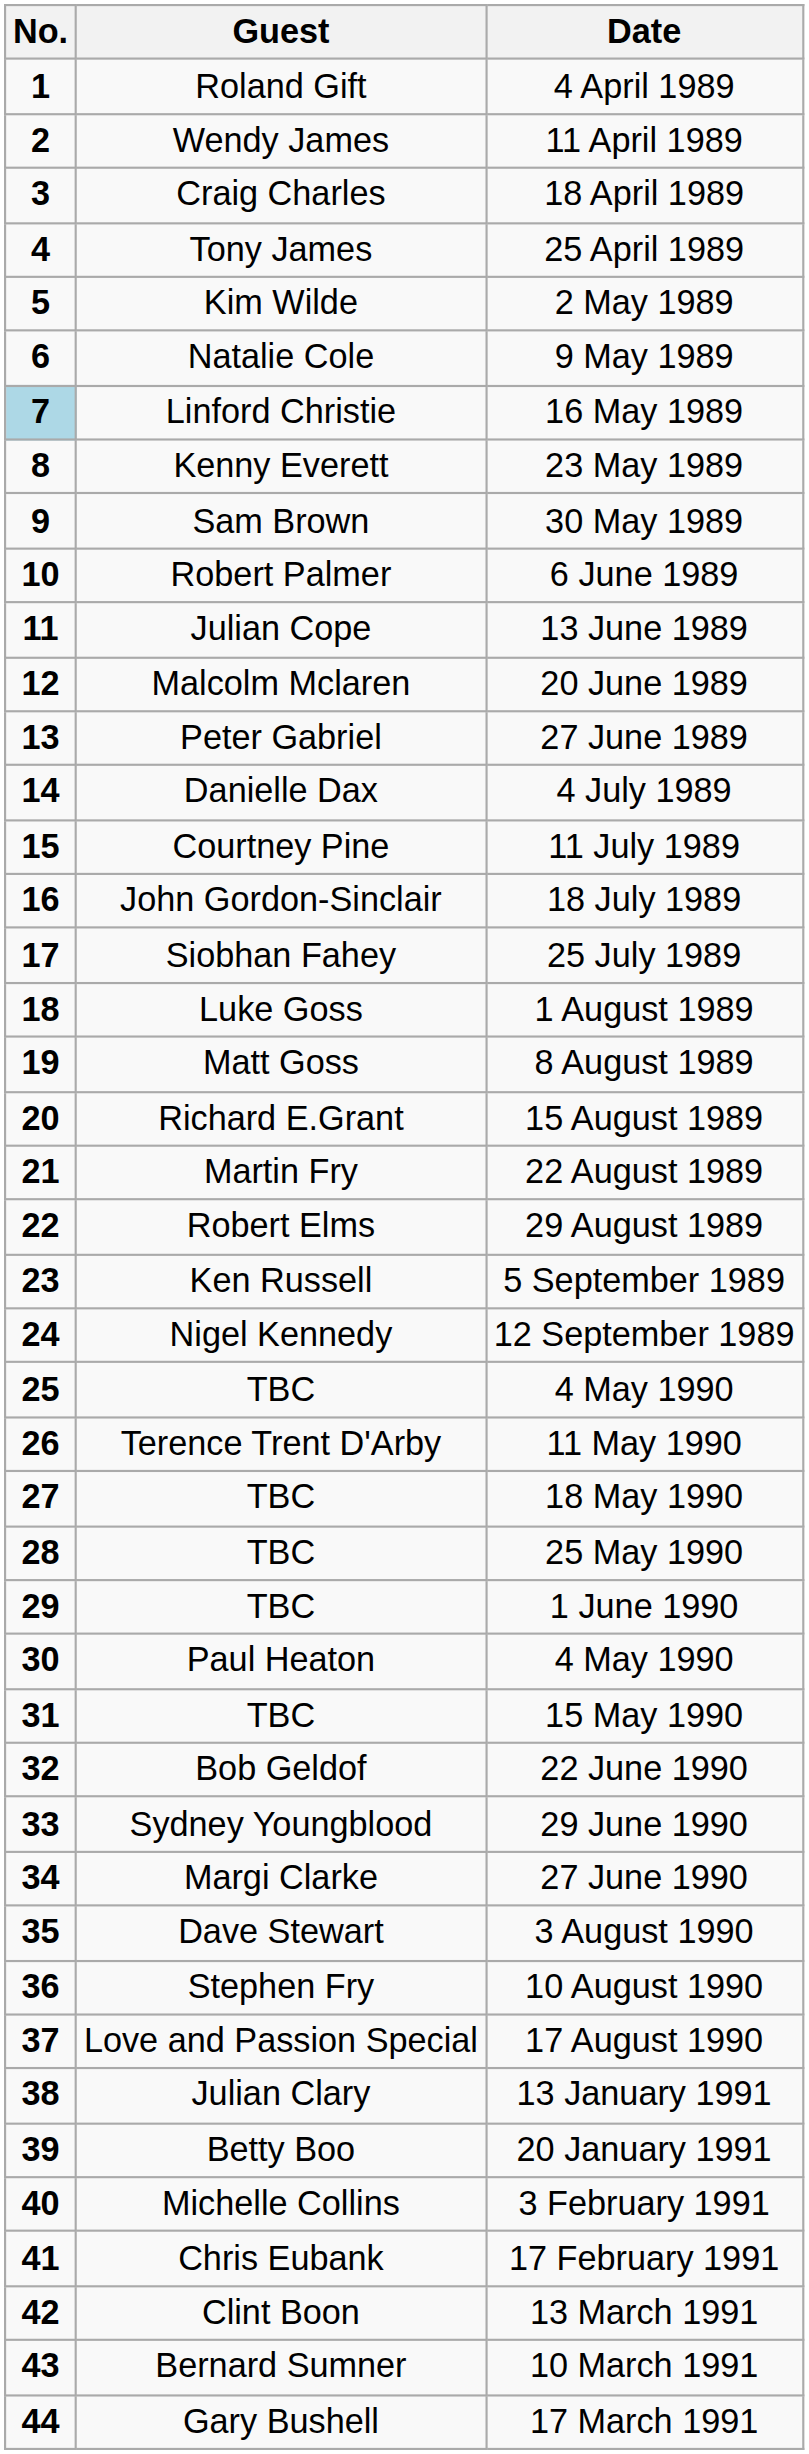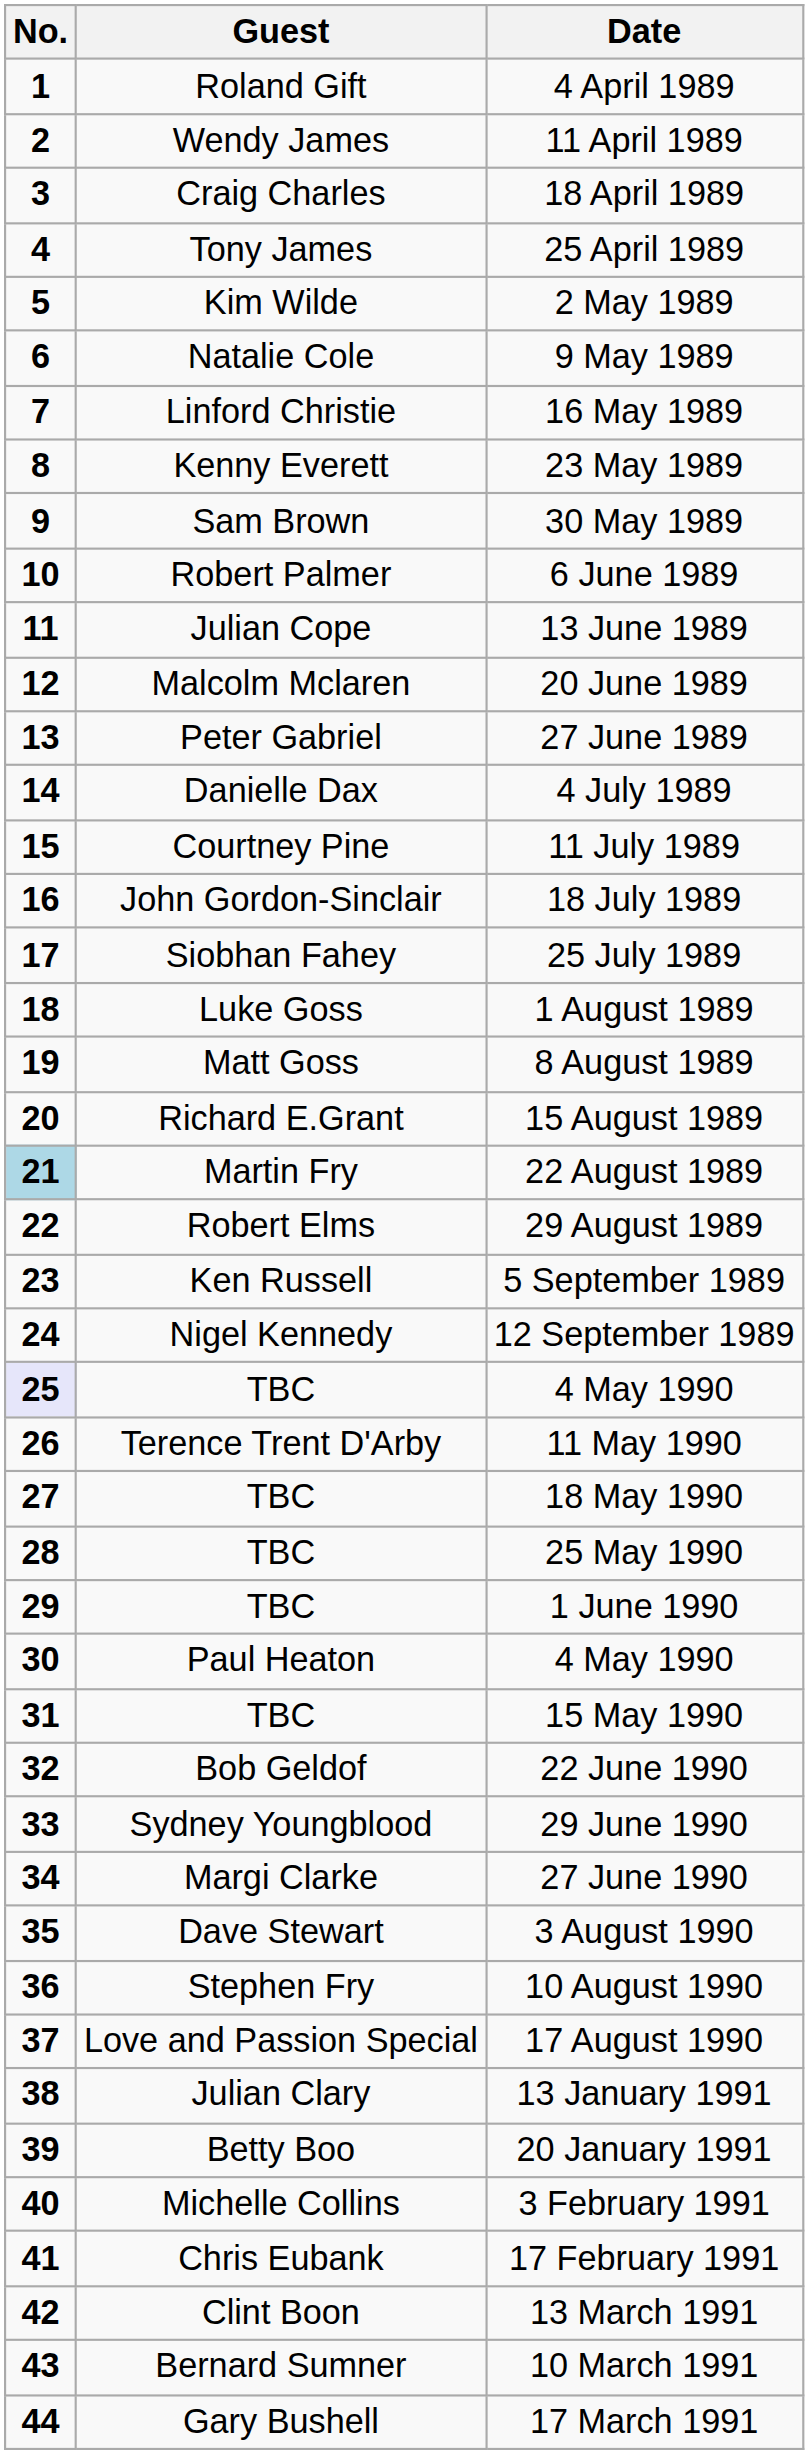 <table class="wikitable" style="text-align:center;">
 <tr>
 <th>No.</th>
 <th>Guest</th>
 <th>Date</th>
 </tr>
 <tr>
 <td><strong>1</strong></td>
 <td>Roland Gift</td>
 <td>4 April 1989</td>
 </tr>
 <tr>
 <td><strong>2</strong></td>
 <td>Wendy James</td>
 <td>11 April 1989</td>
 </tr>
 <tr>
 <td><strong>3</strong></td>
 <td>Craig Charles</td>
 <td>18 April 1989</td>
 </tr>
 <tr>
 <td><strong>4</strong></td>
 <td>Tony James</td>
 <td>25 April 1989</td>
 </tr>
 <tr>
 <td><strong>5</strong></td>
 <td>Kim Wilde</td>
 <td>2 May 1989</td>
 </tr>
 <tr>
 <td><strong>6</strong></td>
 <td>Natalie Cole</td>
 <td>9 May 1989</td>
 </tr>
 <tr>
-<td style="background: lightblue;"><strong>7</strong></td>
+<td><strong>7</strong></td>
 <td>Linford Christie</td>
 <td>16 May 1989</td>
 </tr>
 <tr>
 <td><strong>8</strong></td>
 <td>Kenny Everett</td>
 <td>23 May 1989</td>
 </tr>
 <tr>
 <td><strong>9</strong></td>
 <td>Sam Brown</td>
 <td>30 May 1989</td>
 </tr>
 <tr>
 <td><strong>10</strong></td>
 <td>Robert Palmer</td>
 <td>6 June 1989</td>
 </tr>
 <tr>
 <td><strong>11</strong></td>
 <td>Julian Cope</td>
 <td>13 June 1989</td>
 </tr>
 <tr>
 <td><strong>12</strong></td>
 <td>Malcolm Mclaren</td>
 <td>20 June 1989</td>
 </tr>
 <tr>
 <td><strong>13</strong></td>
 <td>Peter Gabriel</td>
 <td>27 June 1989</td>
 </tr>
 <tr>
 <td><strong>14</strong></td>
 <td>Danielle Dax</td>
 <td>4 July 1989</td>
 </tr>
 <tr>
 <td><strong>15</strong></td>
 <td>Courtney Pine</td>
 <td>11 July 1989</td>
 </tr>
 <tr>
 <td><strong>16</strong></td>
 <td>John Gordon-Sinclair</td>
 <td>18 July 1989</td>
 </tr>
 <tr>
 <td><strong>17</strong></td>
 <td>Siobhan Fahey</td>
 <td>25 July 1989</td>
 </tr>
 <tr>
 <td><strong>18</strong></td>
 <td>Luke Goss</td>
 <td>1 August 1989</td>
 </tr>
 <tr>
 <td><strong>19</strong></td>
 <td>Matt Goss</td>
 <td>8 August 1989</td>
 </tr>
 <tr>
 <td><strong>20</strong></td>
 <td>Richard E.Grant</td>
 <td>15 August 1989</td>
 </tr>
 <tr>
-<td><strong>21</strong></td>
+<td style="background: lightblue;"><strong>21</strong></td>
 <td>Martin Fry</td>
 <td>22 August 1989</td>
 </tr>
 <tr>
 <td><strong>22</strong></td>
 <td>Robert Elms</td>
 <td>29 August 1989</td>
 </tr>
 <tr>
 <td><strong>23</strong></td>
 <td>Ken Russell</td>
 <td>5 September 1989</td>
 </tr>
 <tr>
 <td><strong>24</strong></td>
 <td>Nigel Kennedy</td>
 <td>12 September 1989</td>
 </tr>
 <tr>
-<td><strong>25</strong></td>
+<td style="background: lavender;"><strong>25</strong></td>
 <td>TBC</td>
 <td>4 May 1990</td>
 </tr>
 <tr>
 <td><strong>26</strong></td>
 <td>Terence Trent D'Arby</td>
 <td>11 May 1990</td>
 </tr>
 <tr>
 <td><strong>27</strong></td>
 <td>TBC</td>
 <td>18 May 1990</td>
 </tr>
 <tr>
 <td><strong>28</strong></td>
 <td>TBC</td>
 <td>25 May 1990</td>
 </tr>
 <tr>
 <td><strong>29</strong></td>
 <td>TBC</td>
 <td>1 June 1990</td>
 </tr>
 <tr>
 <td><strong>30</strong></td>
 <td>Paul Heaton</td>
 <td>4 May 1990</td>
 </tr>
 <tr>
 <td><strong>31</strong></td>
 <td>TBC</td>
 <td>15 May 1990</td>
 </tr>
 <tr>
 <td><strong>32</strong></td>
 <td>Bob Geldof</td>
 <td>22 June 1990</td>
 </tr>
 <tr>
 <td><strong>33</strong></td>
 <td>Sydney Youngblood</td>
 <td>29 June 1990</td>
 </tr>
 <tr>
 <td><strong>34</strong></td>
 <td>Margi Clarke</td>
 <td>27 June 1990</td>
 </tr>
 <tr>
 <td><strong>35</strong></td>
 <td>Dave Stewart</td>
 <td>3 August 1990</td>
 </tr>
 <tr>
 <td><strong>36</strong></td>
 <td>Stephen Fry</td>
 <td>10 August 1990</td>
 </tr>
 <tr>
 <td><strong>37</strong></td>
 <td>Love and Passion Special</td>
 <td>17 August 1990</td>
 </tr>
 <tr>
 <td><strong>38</strong></td>
 <td>Julian Clary</td>
 <td>13 January 1991</td>
 </tr>
 <tr>
 <td><strong>39</strong></td>
 <td>Betty Boo</td>
 <td>20 January 1991</td>
 </tr>
 <tr>
 <td><strong>40</strong></td>
 <td>Michelle Collins</td>
 <td>3 February 1991</td>
 </tr>
 <tr>
 <td><strong>41</strong></td>
 <td>Chris Eubank</td>
 <td>17 February 1991</td>
 </tr>
 <tr>
 <td><strong>42</strong></td>
 <td>Clint Boon</td>
 <td>13 March 1991</td>
 </tr>
 <tr>
 <td><strong>43</strong></td>
 <td>Bernard Sumner</td>
 <td>10 March 1991</td>
 </tr>
 <tr>
 <td><strong>44</strong></td>
 <td>Gary Bushell</td>
 <td>17 March 1991</td>
 </tr>
 </table>
